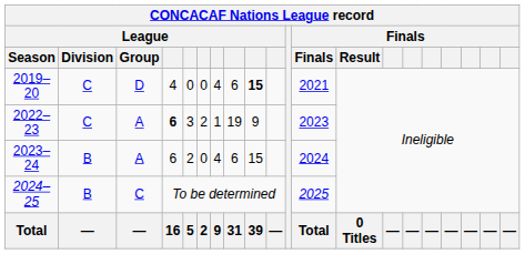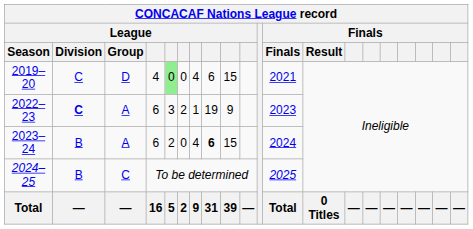 <table class="wikitable" style="text-align: center;">
 <tr>
 <th colspan="20"><a href='#'>CONCACAF Nations League</a> record</th>
 </tr>
 <tr>
 <th colspan="10">League</th>
 <th rowspan="7"></th>
 <th colspan="9">Finals</th>
 </tr>
 <tr>
 <th>Season</th>
 <th>Division</th>
 <th>Group</th>
 <th width="28"></th>
 <th width="28"></th>
 <th width="28"></th>
 <th width="28"></th>
 <th width="28"></th>
 <th width="28"></th>
 <th width="35"></th>
 <th><strong>Finals</strong></th>
 <th><strong>Result</strong></th>
 <th></th>
 <th></th>
 <th></th>
 <th></th>
 <th></th>
 <th></th>
 <th></th>
 </tr>
 <tr>
 <td><a href='#'>2019–20</a></td>
 <td><a href='#'>C</a></td>
 <td><a href='#'>D</a></td>
 <td>4</td>
-<td>0</td>
+<td style="background: lightgreen;">0</td>
 <td>0</td>
 <td>4</td>
 <td>6</td>
-<td><strong>15</strong></td>
+<td>15</td>
 <td></td>
 <td> <a href='#'>2021</a></td>
 <td colspan="8" rowspan="4"><em>Ineligible</em></td>
 </tr>
 <tr>
 <td><a href='#'>2022–23</a></td>
-<td><a href='#'>C</a></td>
+<td><strong><a href='#'>C</a></strong></td>
 <td><a href='#'>A</a></td>
-<td><strong>6</strong></td>
+<td>6</td>
 <td>3</td>
 <td>2</td>
 <td>1</td>
 <td>19</td>
 <td>9</td>
 <td></td>
 <td> <a href='#'>2023</a></td>
 </tr>
 <tr>
 <td><a href='#'>2023–24</a></td>
 <td><a href='#'>B</a></td>
 <td><a href='#'>A</a></td>
 <td>6</td>
 <td>2</td>
 <td>0</td>
 <td>4</td>
-<td>6</td>
+<td><strong>6</strong></td>
 <td>15</td>
 <td></td>
 <td> <a href='#'>2024</a></td>
 </tr>
 <tr>
 <td><a href='#'><em>2024–25</em></a></td>
 <td><a href='#'>B</a></td>
 <td><a href='#'>C</a></td>
 <td colspan="7"><em>To be determined</em></td>
 <td> <a href='#'><em>2025</em></a></td>
 </tr>
 <tr>
 <th>Total</th>
 <th><strong>—</strong></th>
 <th><strong>—</strong></th>
 <th>16</th>
 <th>5</th>
 <th>2</th>
 <th>9</th>
 <th>31</th>
 <th>39</th>
 <th><strong>—</strong></th>
 <th><strong>Total</strong></th>
 <th><strong>0 Titles</strong></th>
 <th><strong>—</strong></th>
 <th><strong>—</strong></th>
 <th><strong>—</strong></th>
 <th><strong>—</strong></th>
 <th><strong>—</strong></th>
 <th><strong>—</strong></th>
 <th><strong>—</strong></th>
 </tr>
 </table>
